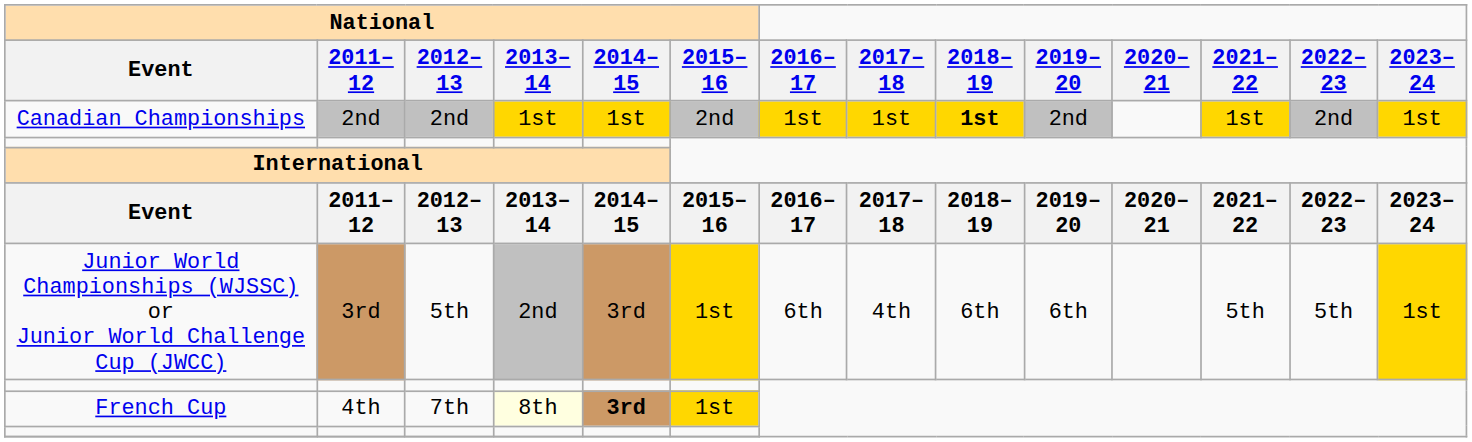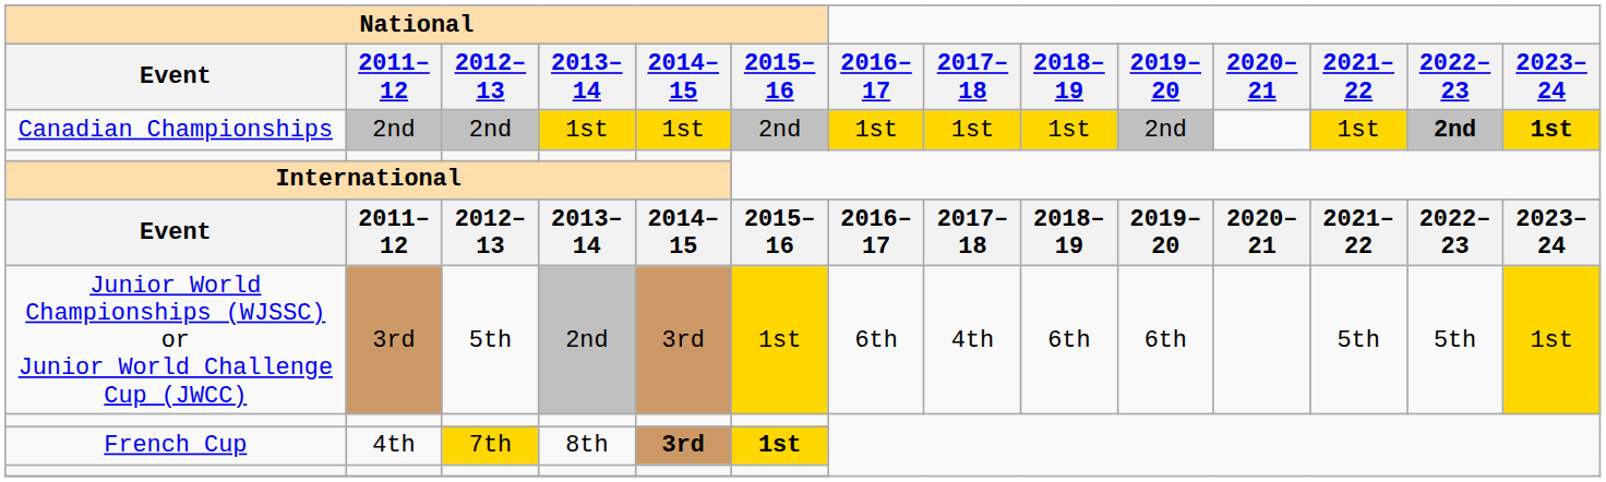 <table class="wikitable">
 <tr>
 <th style="background-color: #ffdead;" colspan="6" align="center"><strong>National</strong></th>
 </tr>
 <tr>
 <th>Event</th>
 <th><a href='#'>2011–12</a></th>
 <th><a href='#'>2012–13</a></th>
 <th><a href='#'>2013–14</a></th>
 <th><a href='#'>2014–15</a></th>
 <th><a href='#'>2015–16</a></th>
 <th><a href='#'>2016–17</a></th>
 <th><a href='#'>2017–18</a></th>
 <th><a href='#'>2018–19</a></th>
 <th><a href='#'>2019–20</a></th>
 <th><a href='#'>2020–21</a></th>
 <th><a href='#'>2021–22</a></th>
 <th><a href='#'>2022–23</a></th>
 <th><a href='#'>2023–24</a></th>
 </tr>
 <tr>
 <td align="center"><a href='#'>Canadian Championships</a></td>
 <td 2011-12 align="center" bgcolor="silver">2nd</td>
 <td 2012-13 align="center" bgcolor="silver">2nd</td>
 <td 2013-14 align="center" bgcolor="gold">1st</td>
 <td 2014-15 align="center" bgcolor="gold">1st</td>
 <td 2015-16 align="center" bgcolor="silver">2nd</td>
 <td 2016-17 align="center" bgcolor="gold">1st</td>
 <td 2017-18 align="center" bgcolor="gold">1st</td>
-<td 2018-19 align="center" bgcolor="gold"><strong>1st</strong></td>
+<td 2018-19 align="center" bgcolor="gold">1st</td>
 <td 2019-20 align="center" bgcolor="silver">2nd</td>
 <td 2020-21 align="center"></td>
 <td 2021-22 align="center" bgcolor="gold">1st</td>
-<td 2022-23 align="center" bgcolor="silver">2nd</td>
-<td 2023-24 align="center" bgcolor="gold">1st</td>
+<td 2022-23 align="center" bgcolor="silver"><strong>2nd</strong></td>
+<td 2023-24 align="center" bgcolor="gold"><strong>1st</strong></td>
 </tr>
 <tr>
 <td align="center"></td>
 <td 2011-12 align="center"></td>
 <td 2012-13 align="center"></td>
 <td 2013-14 align="center"></td>
 <td 2014-15 align="center"></td>
 </tr>
 <tr>
 <th style="background-color: #ffdead; " colspan="5" align=center><strong>International</strong></th>
 </tr>
 <tr>
 <th>Event</th>
 <th>2011–12</th>
 <th>2012–13</th>
 <th>2013–14</th>
 <th>2014–15</th>
 <th>2015–16</th>
 <th>2016–17</th>
 <th>2017–18</th>
 <th>2018–19</th>
 <th>2019–20</th>
 <th>2020–21</th>
 <th>2021–22</th>
 <th>2022–23</th>
 <th>2023–24</th>
 </tr>
 <tr>
 <td align="center"><a href='#'>Junior World Championships (WJSSC)</a><br>or<br><a href='#'>Junior World Challenge Cup (JWCC)</a></td>
 <td 2011-12 align="center" bgcolor="cc9966">3rd<br></td>
 <td 2012-13 align="center">5th<br></td>
 <td 2013-14 align="center" bgcolor="silver">2nd<br></td>
 <td 2014-15 align="center" bgcolor="cc9966">3rd<br></td>
 <td 2015-16 align="center" bgcolor="gold">1st<br></td>
 <td 2016-17 align="center">6th<br></td>
 <td 2017-18 align="center">4th<br></td>
 <td 2018-19 align="center">6th<br></td>
 <td 2019-20 align="center">6th<br></td>
 <td 2020-21 align="center"></td>
 <td 2021-22 align="center">5th<br></td>
 <td 2022-23 align="center">5th<br></td>
 <td 2023-24 align="center" bgcolor="gold">1st<br></td>
 </tr>
 <tr>
 <td align="center"></td>
 <td 2010-11 align="center"></td>
 <td 2011-12 align="center"></td>
 <td 2012-13 align="center"></td>
 <td 2013-14 align="center"></td>
 <td 2014-15 align="center"></td>
 </tr>
 <tr>
 <td align="center"><a href='#'>French Cup</a></td>
 <td 2010-11 align="center">4th</td>
-<td 2011-12 align="center">7th</td>
-<td 2012-13 align="center" style="background: lightyellow;">8th</td>
+<td 2011-12 align="center" style="background: gold;">7th</td>
+<td 2012-13 align="center">8th</td>
 <td 2013-14 align="center" bgcolor="cc9966"><strong>3rd</strong></td>
-<td 2014-15 align="center" bgcolor="gold">1st</td>
+<td 2014-15 align="center" bgcolor="gold"><strong>1st</strong></td>
 </tr>
 <tr>
 <td align="center"></td>
 <td 2010-11 align="center"></td>
 <td 2011-12 align="center"></td>
 <td 2012-13 align="center"></td>
 <td 2013-14 align="center"></td>
 <td 2014-15 align="center"></td>
 </tr>
 <tr>
 </tr>
 </table>
